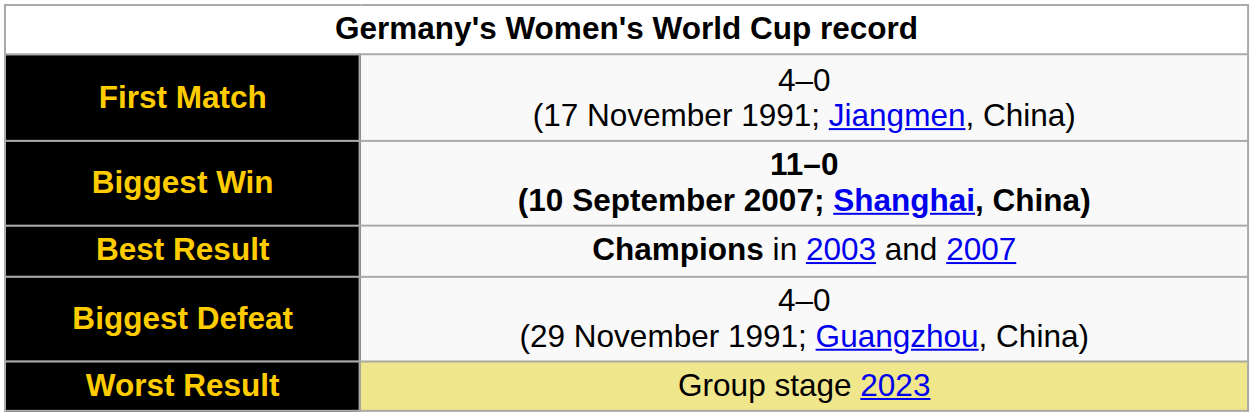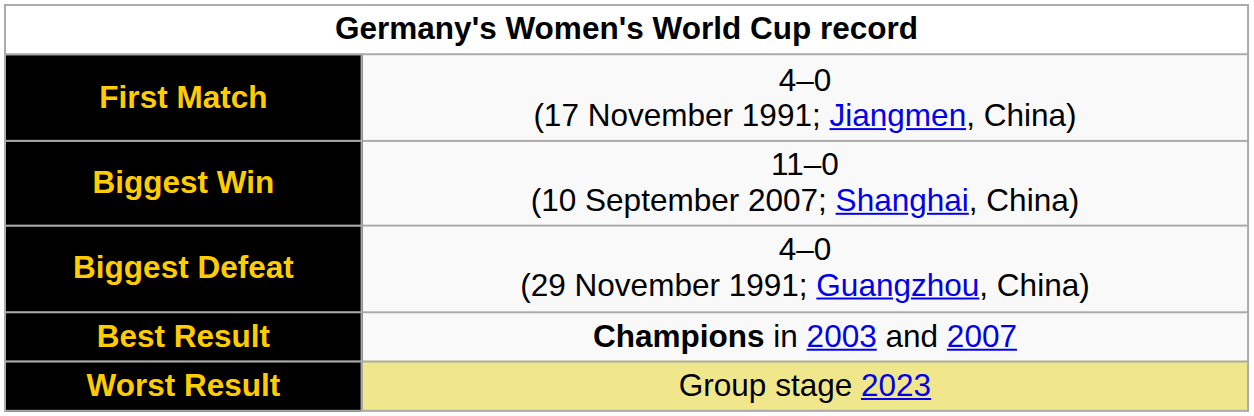 <table class="wikitable collapsible collapsed" style="width:50%;text-align:center">
 <tr>
 <th colspan="2" style="background:white; color:black; "><strong>Germany's Women's World Cup record</strong></th>
 </tr>
 <tr>
 <th style="background:black; color:#FFCC00; ">First Match</th>
 <td> 4–0 <br> (17 November 1991; <a href='#'>Jiangmen</a>, China)</td>
 </tr>
 <tr>
 <th style="background:black; color:#FFCC00; ">Biggest Win</th>
-<td><strong> 11–0 <br> (10 September 2007; <a href='#'>Shanghai</a>, China)</strong></td>
+<td> 11–0 <br> (10 September 2007; <a href='#'>Shanghai</a>, China)</td>
+</tr>
+<tr>
+<th style="background:black; color:#FFCC00; ">Biggest Defeat</th>
+<td> 4–0 <br> (29 November 1991; <a href='#'>Guangzhou</a>, China)</td>
 </tr>
 <tr>
 <th style="background:black; color:#FFCC00; ">Best Result</th>
 <td><strong>Champions</strong> in <a href='#'>2003</a> and <a href='#'>2007</a></td>
 </tr>
 <tr>
-<th style="background:black; color:#FFCC00; ">Biggest Defeat</th>
-<td> 4–0 <br> (29 November 1991; <a href='#'>Guangzhou</a>, China)</td>
-</tr>
-<tr>
 <th style="background:black; color:#FFCC00; ">Worst Result</th>
 <td style="background: khaki;">Group stage <a href='#'>2023</a></td>
 </tr>
 </table>
